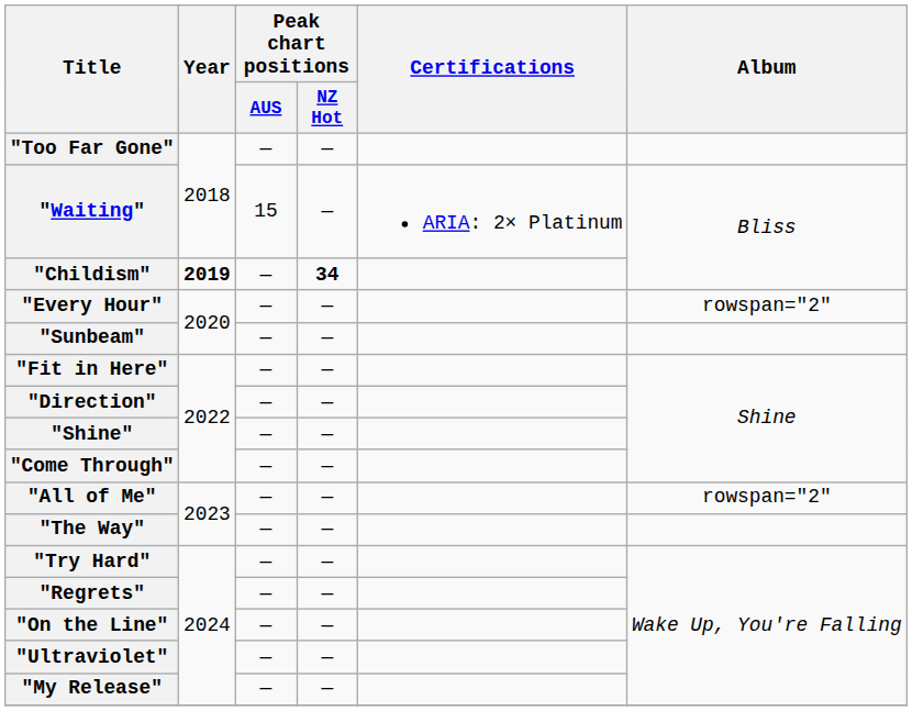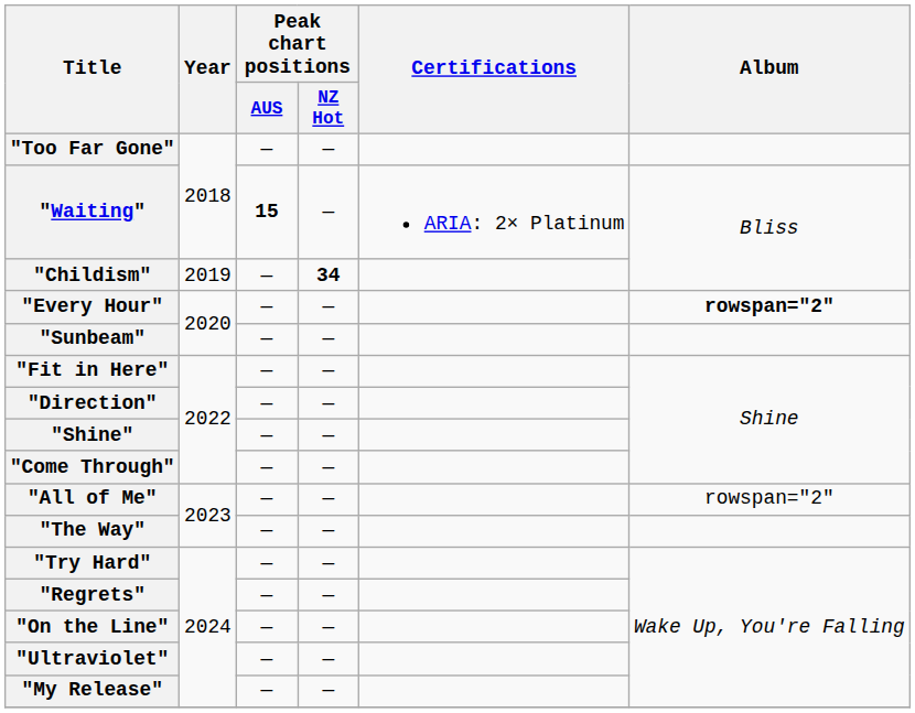 <table class="wikitable plainrowheaders" style="text-align:center;">
 <tr>
 <th scope="col" rowspan="2">Title</th>
 <th scope="col" rowspan="2">Year</th>
 <th scope="col" colspan="2">Peak chart positions</th>
 <th scope="col" rowspan="2"><a href='#'>Certifications</a></th>
 <th scope="col" rowspan="2">Album</th>
 </tr>
 <tr>
 <th scope="col" style="width:3em;font-size:90%;"><a href='#'>AUS</a><br></th>
 <th scope="col" style="width:3em;font-size:90%;"><a href='#'>NZ<br>Hot</a><br></th>
 </tr>
 <tr>
 <th scope="row">"Too Far Gone"<br></th>
 <td rowspan="2">2018</td>
 <td>—</td>
 <td>—</td>
 <td></td>
 <td></td>
 </tr>
 <tr>
 <th scope="row">"<a href='#'>Waiting</a>"</th>
-<td>15</td>
+<td><strong>15</strong></td>
 <td>—</td>
 <td><br><ul><li><a href='#'>ARIA</a>: 2× Platinum</li></ul></td>
 <td rowspan="2"><em>Bliss</em></td>
 </tr>
 <tr>
 <th scope="row">"Childism"</th>
-<td><strong>2019</strong></td>
+<td>2019</td>
 <td>—</td>
 <td><strong>34</strong></td>
 <td></td>
 </tr>
 <tr>
 <th scope="row">"Every Hour"</th>
 <td rowspan="2">2020</td>
 <td>—</td>
 <td>—</td>
 <td></td>
-<td>rowspan="2" </td>
+<td><strong>rowspan="2" </strong></td>
 </tr>
 <tr>
 <th scope="row">"Sunbeam"</th>
 <td>—</td>
 <td>—</td>
 <td></td>
 </tr>
 <tr>
 <th scope="row">"Fit in Here"</th>
 <td rowspan="4">2022</td>
 <td>—</td>
 <td>—</td>
 <td></td>
 <td rowspan="4"><em>Shine</em></td>
 </tr>
 <tr>
 <th scope="row">"Direction"</th>
 <td>—</td>
 <td>—</td>
 <td></td>
 </tr>
 <tr>
 <th scope="row">"Shine"</th>
 <td>—</td>
 <td>—</td>
 <td></td>
 </tr>
 <tr>
 <th scope="row">"Come Through"<br></th>
 <td>—</td>
 <td>—</td>
 <td></td>
 </tr>
 <tr>
 <th scope="row">"All of Me"<br></th>
 <td rowspan="2">2023</td>
 <td>—</td>
 <td>—</td>
 <td></td>
 <td>rowspan="2" </td>
 </tr>
 <tr>
 <th scope="row">"The Way"</th>
 <td>—</td>
 <td>—</td>
 <td></td>
 </tr>
 <tr>
 <th scope="row">"Try Hard"</th>
 <td rowspan="5">2024</td>
 <td>—</td>
 <td>—</td>
 <td></td>
 <td rowspan="5"><em>Wake Up, You're Falling</em></td>
 </tr>
 <tr>
 <th scope="row">"Regrets"</th>
 <td>—</td>
 <td>—</td>
 <td></td>
 </tr>
 <tr>
 <th scope="row">"On the Line"<br></th>
 <td>—</td>
 <td>—</td>
 <td></td>
 </tr>
 <tr>
 <th scope="row">"Ultraviolet"</th>
 <td>—</td>
 <td>—</td>
 <td></td>
 </tr>
 <tr>
 <th scope="row">"My Release"</th>
 <td>—</td>
 <td>—</td>
 <td></td>
 </tr>
 <tr>
 </tr>
 </table>
